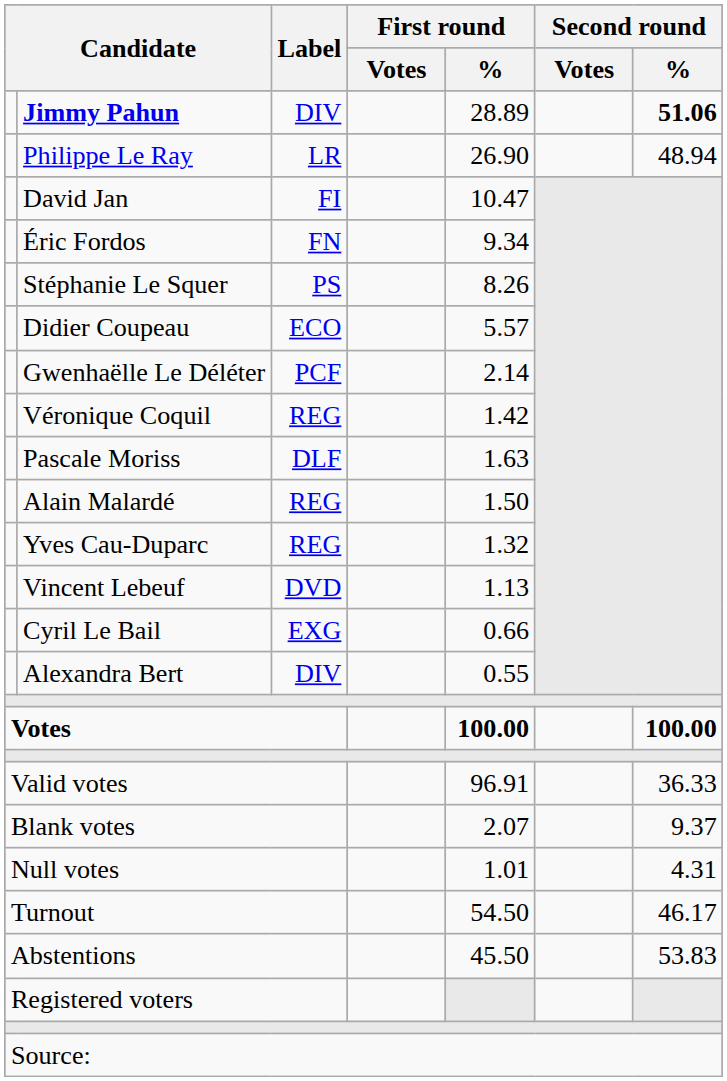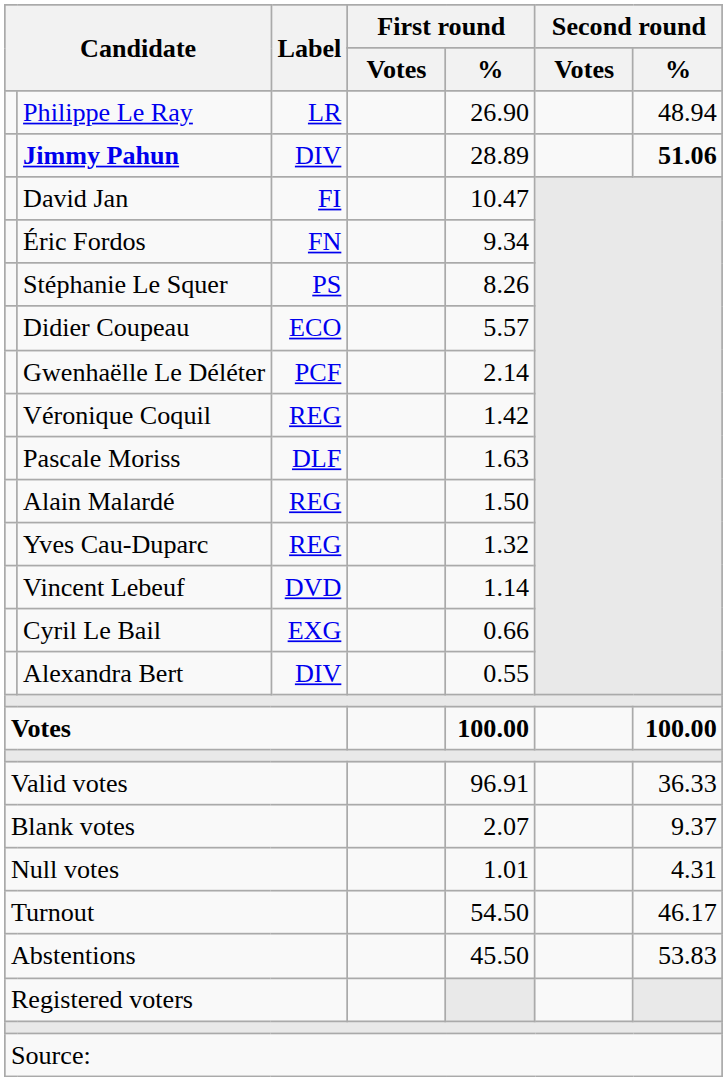 <table class="wikitable" style="text-align:right;font-size:95%;">
 <tr>
 <th rowspan="2" colspan="2">Candidate</th>
 <th rowspan="2">Label</th>
 <th colspan="2">First round</th>
 <th colspan="2">Second round</th>
 </tr>
 <tr>
 <th style="width:50px;">Votes</th>
 <th style="width:45px;">%</th>
 <th style="width:50px;">Votes</th>
 <th style="width:45px;">%</th>
 </tr>
 <tr>
 <td style="color:inherit;background:"></td>
+<td style="text-align:left;"><a href='#'>Philippe Le Ray</a></td>
+<td><a href='#'>LR</a></td>
+<td></td>
+<td>26.90</td>
+<td></td>
+<td>48.94</td>
+</tr>
+<tr>
+<td style="color:inherit;background:"></td>
 <td style="text-align:left;"><strong><a href='#'>Jimmy Pahun</a></strong></td>
 <td><a href='#'>DIV</a></td>
 <td></td>
 <td>28.89</td>
 <td><strong></strong></td>
 <td><strong>51.06</strong></td>
-</tr>
-<tr>
-<td style="color:inherit;background:"></td>
-<td style="text-align:left;"><a href='#'>Philippe Le Ray</a></td>
-<td><a href='#'>LR</a></td>
-<td></td>
-<td>26.90</td>
-<td></td>
-<td>48.94</td>
 </tr>
 <tr>
 <td style="color:inherit;background:"></td>
 <td style="text-align:left;">David Jan</td>
 <td><a href='#'>FI</a></td>
 <td></td>
 <td>10.47</td>
 <td colspan="2" rowspan="12" style="background:#E9E9E9;"></td>
 </tr>
 <tr>
 <td style="color:inherit;background:"></td>
 <td style="text-align:left;">Éric Fordos</td>
 <td><a href='#'>FN</a></td>
 <td></td>
 <td>9.34</td>
 </tr>
 <tr>
 <td style="color:inherit;background:"></td>
 <td style="text-align:left;">Stéphanie Le Squer</td>
 <td><a href='#'>PS</a></td>
 <td></td>
 <td>8.26</td>
 </tr>
 <tr>
 <td style="color:inherit;background:"></td>
 <td style="text-align:left;">Didier Coupeau</td>
 <td><a href='#'>ECO</a></td>
 <td></td>
 <td>5.57</td>
 </tr>
 <tr>
 <td style="color:inherit;background:"></td>
 <td style="text-align:left;">Gwenhaëlle Le Déléter</td>
 <td><a href='#'>PCF</a></td>
 <td></td>
 <td>2.14</td>
 </tr>
 <tr>
 <td style="color:inherit;background:"></td>
 <td style="text-align:left;">Véronique Coquil</td>
 <td><a href='#'>REG</a></td>
 <td></td>
 <td>1.42</td>
 </tr>
 <tr>
 <td style="color:inherit;background:"></td>
 <td style="text-align:left;">Pascale Moriss</td>
 <td><a href='#'>DLF</a></td>
 <td></td>
 <td>1.63</td>
 </tr>
 <tr>
 <td style="color:inherit;background:"></td>
 <td style="text-align:left;">Alain Malardé</td>
 <td><a href='#'>REG</a></td>
 <td></td>
 <td>1.50</td>
 </tr>
 <tr>
 <td style="color:inherit;background:"></td>
 <td style="text-align:left;">Yves Cau-Duparc</td>
 <td><a href='#'>REG</a></td>
 <td></td>
 <td>1.32</td>
 </tr>
 <tr>
 <td style="color:inherit;background:"></td>
 <td style="text-align:left;">Vincent Lebeuf</td>
 <td><a href='#'>DVD</a></td>
 <td></td>
-<td>1.13</td>
+<td>1.14</td>
 </tr>
 <tr>
 <td style="color:inherit;background:"></td>
 <td style="text-align:left;">Cyril Le Bail</td>
 <td><a href='#'>EXG</a></td>
 <td></td>
 <td>0.66</td>
 </tr>
 <tr>
 <td style="color:inherit;background:"></td>
 <td style="text-align:left;">Alexandra Bert</td>
 <td><a href='#'>DIV</a></td>
 <td></td>
 <td>0.55</td>
 </tr>
 <tr>
 <td colspan="7" style="background:#E9E9E9;"></td>
 </tr>
 <tr style="font-weight:bold;">
 <td colspan="3" style="text-align:left;">Votes</td>
 <td></td>
 <td>100.00</td>
 <td></td>
 <td>100.00</td>
 </tr>
 <tr>
 <td colspan="7" style="background:#E9E9E9;"></td>
 </tr>
 <tr>
 <td colspan="3" style="text-align:left;">Valid votes</td>
 <td></td>
 <td>96.91</td>
 <td></td>
 <td>36.33</td>
 </tr>
 <tr>
 <td colspan="3" style="text-align:left;">Blank votes</td>
 <td></td>
 <td>2.07</td>
 <td></td>
 <td>9.37</td>
 </tr>
 <tr>
 <td colspan="3" style="text-align:left;">Null votes</td>
 <td></td>
 <td>1.01</td>
 <td></td>
 <td>4.31</td>
 </tr>
 <tr>
 <td colspan="3" style="text-align:left;">Turnout</td>
 <td></td>
 <td>54.50</td>
 <td></td>
 <td>46.17</td>
 </tr>
 <tr>
 <td colspan="3" style="text-align:left;">Abstentions</td>
 <td></td>
 <td>45.50</td>
 <td></td>
 <td>53.83</td>
 </tr>
 <tr>
 <td colspan="3" style="text-align:left;">Registered voters</td>
 <td></td>
 <td style="background:#E9E9E9;"></td>
 <td></td>
 <td style="background:#E9E9E9;"></td>
 </tr>
 <tr>
 <td colspan="7" style="background:#E9E9E9;"></td>
 </tr>
 <tr>
 <td colspan="7" style="text-align:left;">Source: </td>
 </tr>
 </table>
